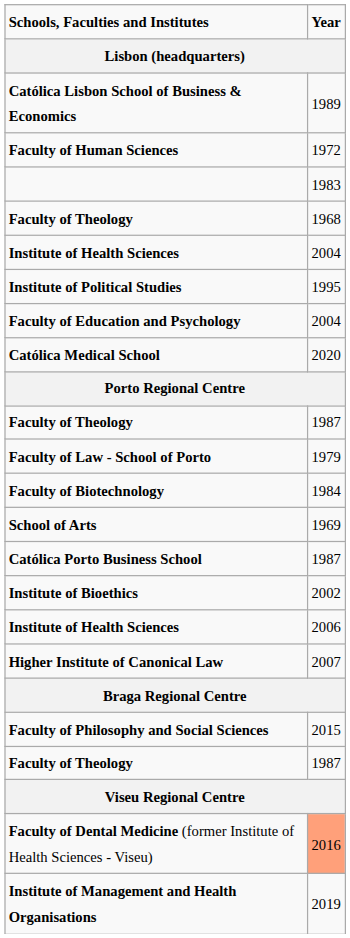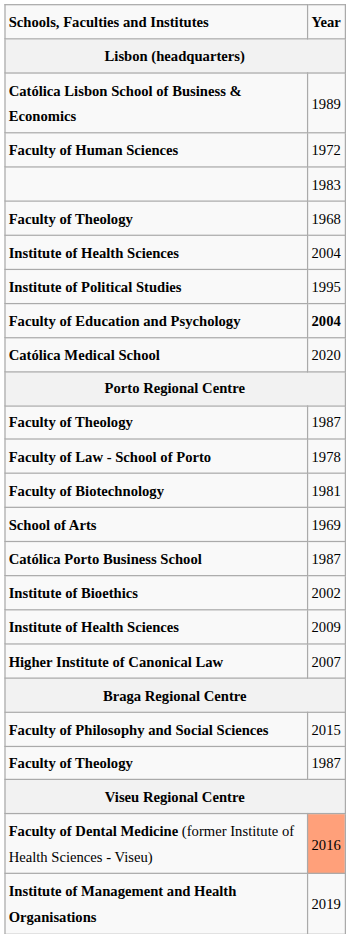 <table class="wikitable" style="float:right; margin-left:1em; font-size:90%; line-height:1.4em; width:280px;">
 <tr>
 <td><small><strong>Schools, Faculties and Institutes</strong></small></td>
 <td><small><strong>Year</strong></small></td>
 </tr>
 <tr>
 <th colspan="2"><small>Lisbon (headquarters)</small></th>
 </tr>
 <tr>
 <td><small><strong>Católica Lisbon School of Business & Economics</strong></small></td>
 <td><small>1989</small></td>
 </tr>
 <tr>
 <td><small><strong>Faculty of Human Sciences</strong></small></td>
 <td><small>1972</small></td>
 </tr>
 <tr>
 <td><small><strong></strong></small></td>
 <td><small>1983</small></td>
 </tr>
 <tr>
 <td><small><strong>Faculty of Theology</strong></small></td>
 <td><small>1968</small></td>
 </tr>
 <tr>
 <td><small><strong>Institute of Health Sciences</strong></small></td>
 <td><small>2004</small></td>
 </tr>
 <tr>
 <td><small><strong>Institute of Political Studies</strong></small></td>
 <td><small>1995</small></td>
 </tr>
 <tr>
 <td><small><strong>Faculty of Education and Psychology</strong></small></td>
-<td><small>2004</small></td>
+<td><strong><small>2004</small></strong></td>
 </tr>
 <tr>
 <td><small><strong>Católica Medical School</strong></small></td>
 <td><small>2020</small></td>
 </tr>
 <tr>
 <th colspan="2"><small>Porto Regional Centre</small></th>
 </tr>
 <tr>
 <td><small><strong>Faculty of Theology</strong></small></td>
 <td><small>1987</small></td>
 </tr>
 <tr>
 <td><small><strong>Faculty of Law - School of Porto</strong></small></td>
-<td><small>1979</small></td>
+<td><small>1978</small></td>
 </tr>
 <tr>
 <td><small><strong>Faculty of Biotechnology</strong></small></td>
-<td><small>1984</small></td>
+<td><small>1981</small></td>
 </tr>
 <tr>
 <td><small><strong>School of Arts</strong></small></td>
 <td><small>1969</small></td>
 </tr>
 <tr>
 <td><small><strong>Católica Porto Business School</strong></small></td>
 <td><small>1987</small></td>
 </tr>
 <tr>
 <td><small><strong>Institute of Bioethics</strong></small></td>
 <td><small>2002</small></td>
 </tr>
 <tr>
 <td><small><strong>Institute of Health Sciences</strong></small></td>
-<td><small>2006</small></td>
+<td><small>2009</small></td>
 </tr>
 <tr>
 <td><small><strong>Higher Institute of Canonical Law</strong></small></td>
 <td><small>2007</small></td>
 </tr>
 <tr>
 <th colspan="2"><small>Braga Regional Centre</small></th>
 </tr>
 <tr>
 <td><small><strong>Faculty of Philosophy and Social Sciences</strong></small></td>
 <td><small>2015</small></td>
 </tr>
 <tr>
 <td><small><strong>Faculty of Theology</strong></small></td>
 <td><small>1987</small></td>
 </tr>
 <tr>
 <th colspan="2"><small>Viseu Regional Centre</small></th>
 </tr>
 <tr>
 <td><small><strong>Faculty of Dental Medicine</strong> (former Institute of Health Sciences - Viseu)</small></td>
 <td style="background: lightsalmon;"><small>2016</small></td>
 </tr>
 <tr>
 <td><strong><small>Institute of Management and Health Organisations</small></strong></td>
 <td><small>2019</small></td>
 </tr>
 </table>
